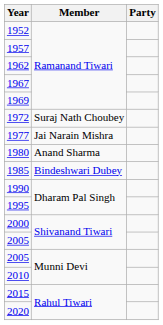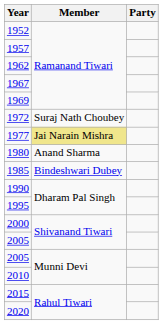 <table class="wikitable sortable">
 <tr>
 <th>Year</th>
 <th>Member</th>
 <th colspan="2">Party</th>
 </tr>
 <tr>
 <td><a href='#'>1952</a></td>
 <td rowspan="5"><a href='#'>Ramanand Tiwari</a></td>
 <td></td>
 </tr>
 <tr>
 <td><a href='#'>1957</a></td>
 <td></td>
 </tr>
 <tr>
 <td><a href='#'>1962</a></td>
 </tr>
 <tr>
 <td><a href='#'>1967</a></td>
 <td></td>
 </tr>
 <tr>
 <td><a href='#'>1969</a></td>
 </tr>
 <tr>
 <td><a href='#'>1972</a></td>
 <td>Suraj Nath Choubey</td>
 <td></td>
 </tr>
 <tr>
 <td><a href='#'>1977</a></td>
-<td>Jai Narain Mishra</td>
+<td style="background: khaki;">Jai Narain Mishra</td>
 <td></td>
 </tr>
 <tr>
 <td><a href='#'>1980</a></td>
 <td>Anand Sharma</td>
 <td></td>
 </tr>
 <tr>
 <td><a href='#'>1985</a></td>
 <td><a href='#'>Bindeshwari Dubey</a></td>
 <td></td>
 </tr>
 <tr>
 <td><a href='#'>1990</a></td>
 <td rowspan="2">Dharam Pal Singh</td>
 <td></td>
 </tr>
 <tr>
 <td><a href='#'>1995</a></td>
 <td></td>
 </tr>
 <tr>
 <td><a href='#'>2000</a></td>
 <td rowspan="2"><a href='#'>Shivanand Tiwari</a></td>
 <td></td>
 </tr>
 <tr>
 <td><a href='#'>2005</a></td>
 </tr>
 <tr>
 <td><a href='#'>2005</a></td>
 <td rowspan="2">Munni Devi</td>
 <td></td>
 </tr>
 <tr>
 <td><a href='#'>2010</a></td>
 </tr>
 <tr>
 <td><a href='#'>2015</a></td>
 <td rowspan="2"><a href='#'>Rahul Tiwari</a></td>
 <td></td>
 </tr>
 <tr>
 <td><a href='#'>2020</a></td>
 </tr>
 </table>
